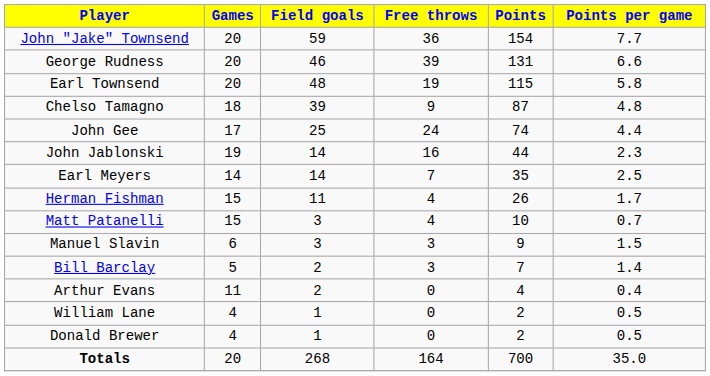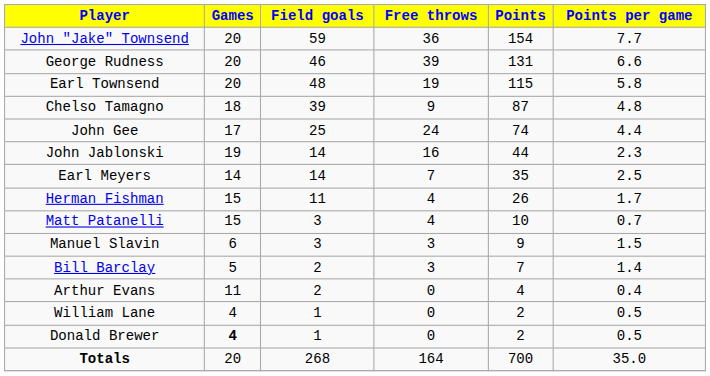 <table class="wikitable" width="650">
 <tr align="center"  style="background:yellow;color:blue;">
 <td><strong>Player</strong></td>
 <td><strong>Games</strong></td>
 <td><strong>Field goals</strong></td>
 <td><strong>Free throws</strong></td>
 <td><strong>Points</strong></td>
 <td><strong>Points per game</strong></td>
 </tr>
 <tr align="center" bgcolor="">
 <td><a href='#'>John "Jake" Townsend</a></td>
 <td>20</td>
 <td>59</td>
 <td>36</td>
 <td>154</td>
 <td>7.7</td>
 </tr>
 <tr align="center" bgcolor="">
 <td>George Rudness</td>
 <td>20</td>
 <td>46</td>
 <td>39</td>
 <td>131</td>
 <td>6.6</td>
 </tr>
 <tr align="center" bgcolor="">
 <td>Earl Townsend</td>
 <td>20</td>
 <td>48</td>
 <td>19</td>
 <td>115</td>
 <td>5.8</td>
 </tr>
 <tr align="center" bgcolor="">
 <td>Chelso Tamagno</td>
 <td>18</td>
 <td>39</td>
 <td>9</td>
 <td>87</td>
 <td>4.8</td>
 </tr>
 <tr align="center" bgcolor="">
 <td>John Gee</td>
 <td>17</td>
 <td>25</td>
 <td>24</td>
 <td>74</td>
 <td>4.4</td>
 </tr>
 <tr align="center" bgcolor="">
 <td>John Jablonski</td>
 <td>19</td>
 <td>14</td>
 <td>16</td>
 <td>44</td>
 <td>2.3</td>
 </tr>
 <tr align="center" bgcolor="">
 <td>Earl Meyers</td>
 <td>14</td>
 <td>14</td>
 <td>7</td>
 <td>35</td>
 <td>2.5</td>
 </tr>
 <tr align="center" bgcolor="">
 <td><a href='#'>Herman Fishman</a></td>
 <td>15</td>
 <td>11</td>
 <td>4</td>
 <td>26</td>
 <td>1.7</td>
 </tr>
 <tr align="center" bgcolor="">
 <td><a href='#'>Matt Patanelli</a></td>
 <td>15</td>
 <td>3</td>
 <td>4</td>
 <td>10</td>
 <td>0.7</td>
 </tr>
 <tr align="center" bgcolor="">
 <td>Manuel Slavin</td>
 <td>6</td>
 <td>3</td>
 <td>3</td>
 <td>9</td>
 <td>1.5</td>
 </tr>
 <tr align="center" bgcolor="">
 <td><a href='#'>Bill Barclay</a></td>
 <td>5</td>
 <td>2</td>
 <td>3</td>
 <td>7</td>
 <td>1.4</td>
 </tr>
 <tr align="center" bgcolor="">
 <td>Arthur Evans</td>
 <td>11</td>
 <td>2</td>
 <td>0</td>
 <td>4</td>
 <td>0.4</td>
 </tr>
 <tr align="center" bgcolor="">
 <td>William Lane</td>
 <td>4</td>
 <td>1</td>
 <td>0</td>
 <td>2</td>
 <td>0.5</td>
 </tr>
 <tr align="center" bgcolor="">
 <td>Donald Brewer</td>
-<td>4</td>
+<td><strong>4</strong></td>
 <td>1</td>
 <td>0</td>
 <td>2</td>
 <td>0.5</td>
 </tr>
 <tr align="center" bgcolor="">
 <td><strong>Totals</strong></td>
 <td>20</td>
 <td>268</td>
 <td>164</td>
 <td>700</td>
 <td>35.0</td>
 </tr>
 <tr align="center" bgcolor="">
 </tr>
 </table>
